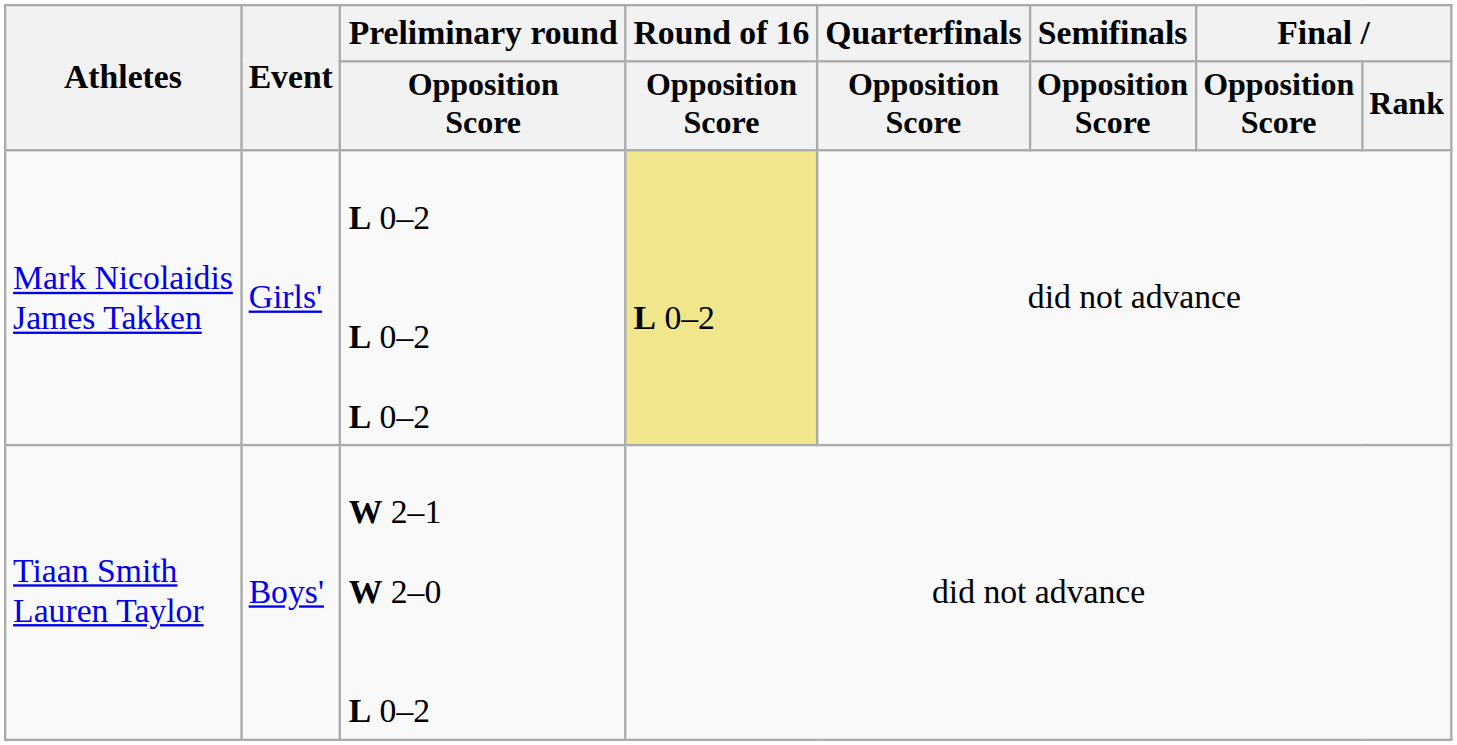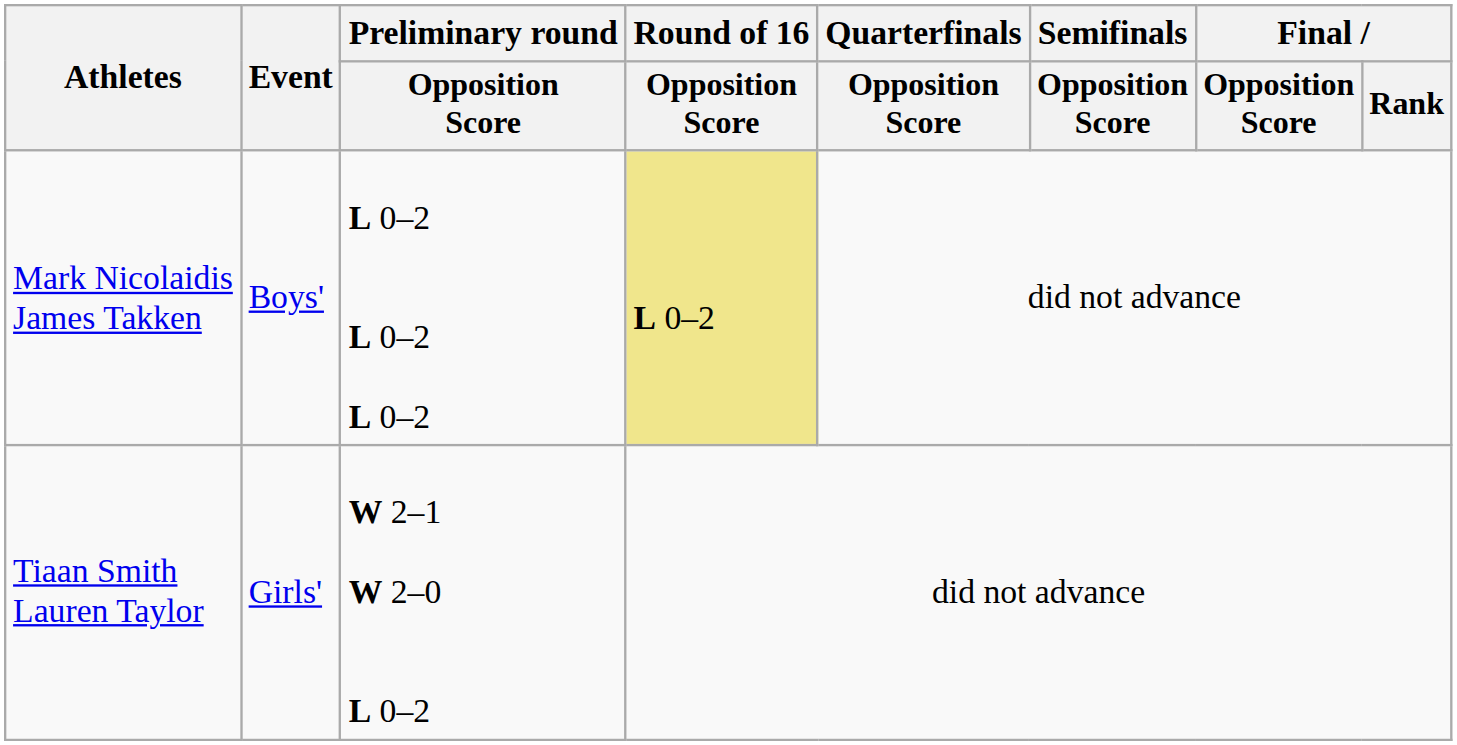 <table class=wikitable style="font-size:90%">
 <tr>
 <th rowspan=2>Athletes</th>
 <th rowspan=2>Event</th>
 <th>Preliminary round</th>
 <th>Round of 16</th>
 <th>Quarterfinals</th>
 <th>Semifinals</th>
 <th colspan=2>Final / </th>
 </tr>
 <tr style="font-size:95%">
 <th>Opposition<br>Score</th>
 <th>Opposition<br>Score</th>
 <th>Opposition<br>Score</th>
 <th>Opposition<br>Score</th>
 <th>Opposition<br>Score</th>
 <th>Rank</th>
 </tr>
 <tr align=center>
 <td align=left><a href='#'>Mark Nicolaidis</a><br><a href='#'>James Takken</a></td>
-<td align=left><a href='#'>Girls'</a></td>
+<td align=left><a href='#'>Boys'</a></td>
 <td align=left> <br><strong>L</strong> 0–2<br><br><br> <strong>L</strong> 0–2<br> <br> <strong>L</strong> 0–2</td>
 <td align=left style="background: khaki;">   <br><strong>L</strong> 0–2</td>
 <td colspan=5>did not advance</td>
 </tr>
 <tr align=center>
 <td align=left><a href='#'>Tiaan Smith</a><br><a href='#'>Lauren Taylor</a></td>
-<td align=left><a href='#'>Boys'</a></td>
+<td align=left><a href='#'>Girls'</a></td>
 <td align=left><br> <strong>W</strong> 2–1<br><br> <strong>W</strong> 2–0<br><br><br> <strong>L</strong> 0–2</td>
 <td colspan=5>did not advance</td>
 </tr>
 </table>
